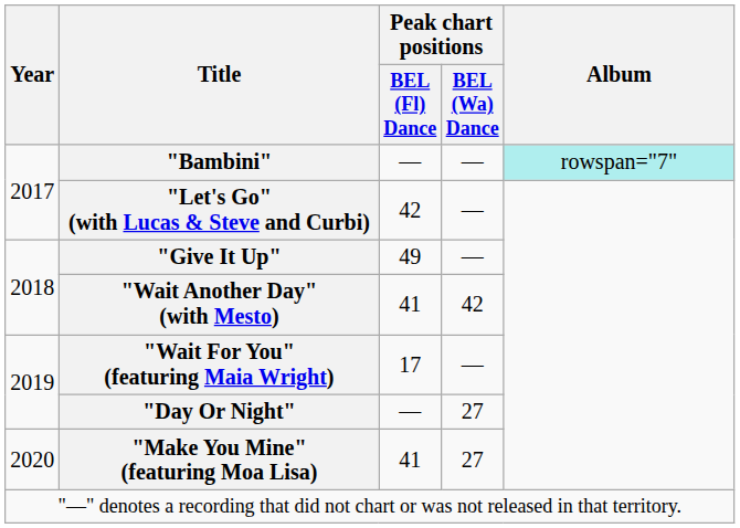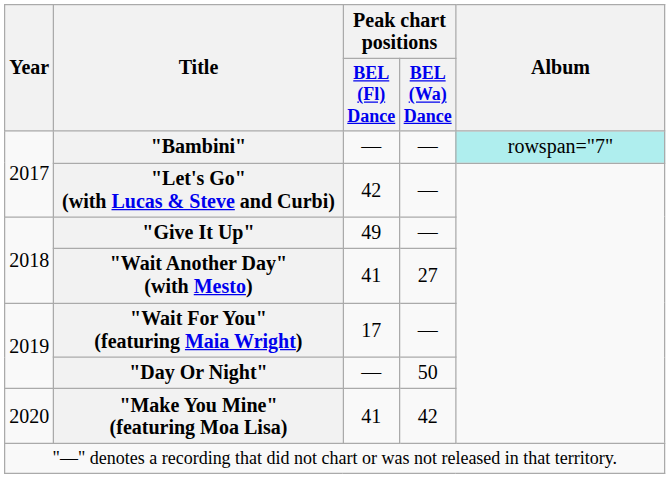 <table class="wikitable plainrowheaders" style="text-align:center;">
 <tr>
 <th scope="col" rowspan="2" style="width:2em;">Year</th>
 <th scope="col" rowspan="2" style="width:14em;">Title</th>
 <th scope="col" colspan="2">Peak chart positions</th>
 <th scope="col" rowspan="2" style="width:10em;">Album</th>
 </tr>
 <tr>
 <th scope="col" style="width:2.5em;font-size:90%;"><a href='#'>BEL (Fl) Dance</a><br></th>
 <th scope="col" style="width:2.5em;font-size:90%;"><a href='#'>BEL (Wa) Dance</a><br></th>
 </tr>
 <tr>
 <td rowspan="2">2017</td>
 <th scope="row">"Bambini"</th>
 <td>—</td>
 <td>—</td>
 <td style="background: paleturquoise;">rowspan="7" </td>
 </tr>
 <tr>
 <th scope="row">"Let's Go" <br><span>(with <a href='#'>Lucas & Steve</a> and Curbi)</span></th>
 <td>42</td>
 <td>—</td>
 </tr>
 <tr>
 <td rowspan="2">2018</td>
 <th scope="row">"Give It Up"</th>
 <td>49</td>
 <td>—</td>
 </tr>
 <tr>
 <th scope="row">"Wait Another Day" <br><span>(with <a href='#'>Mesto</a>)</span></th>
 <td>41</td>
-<td>42</td>
+<td>27</td>
 </tr>
 <tr>
 <td rowspan="2">2019</td>
 <th scope="row">"Wait For You" <br><span>(featuring <a href='#'>Maia Wright</a>)</span></th>
 <td>17</td>
 <td>—</td>
 </tr>
 <tr>
 <th scope="row">"Day Or Night"</th>
 <td>—</td>
-<td>27</td>
+<td>50</td>
 </tr>
 <tr>
 <td>2020</td>
 <th scope="row">"Make You Mine" <br><span>(featuring Moa Lisa)</span></th>
 <td>41</td>
-<td>27</td>
+<td>42</td>
 </tr>
 <tr>
 <td colspan="16" style="font-size:90%">"—" denotes a recording that did not chart or was not released in that territory.</td>
 </tr>
 </table>
